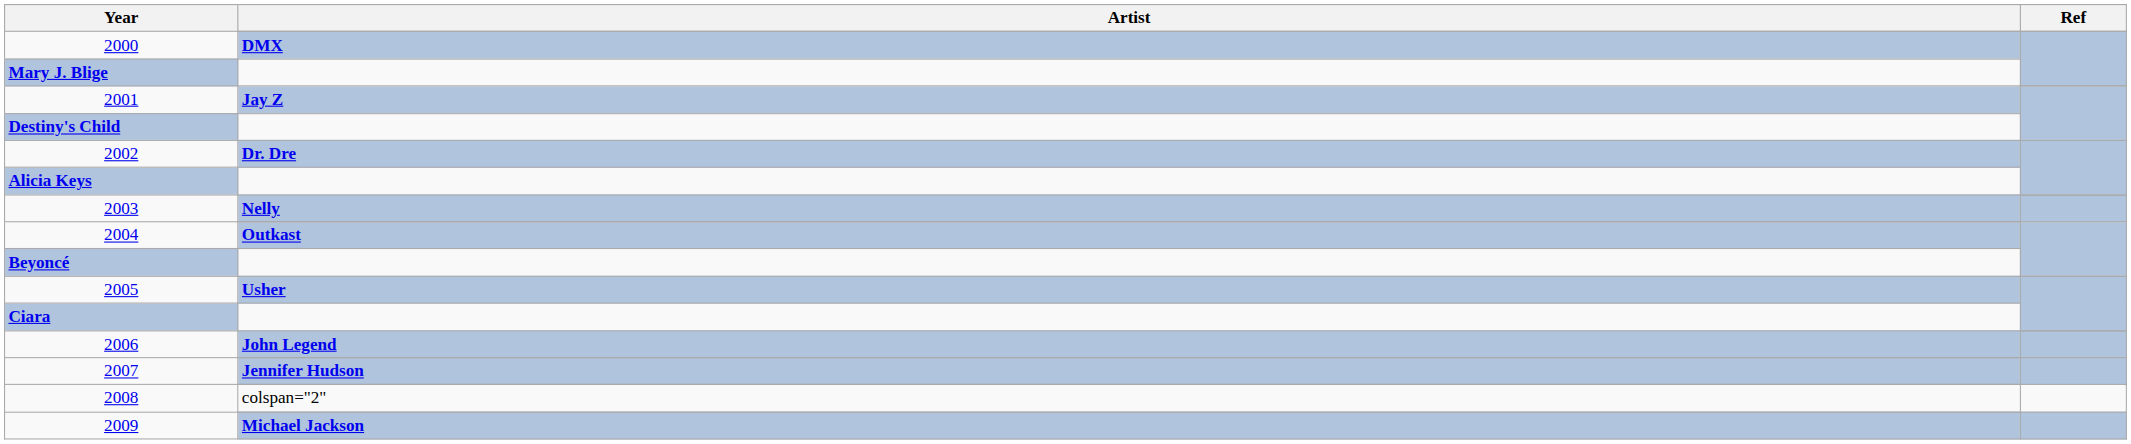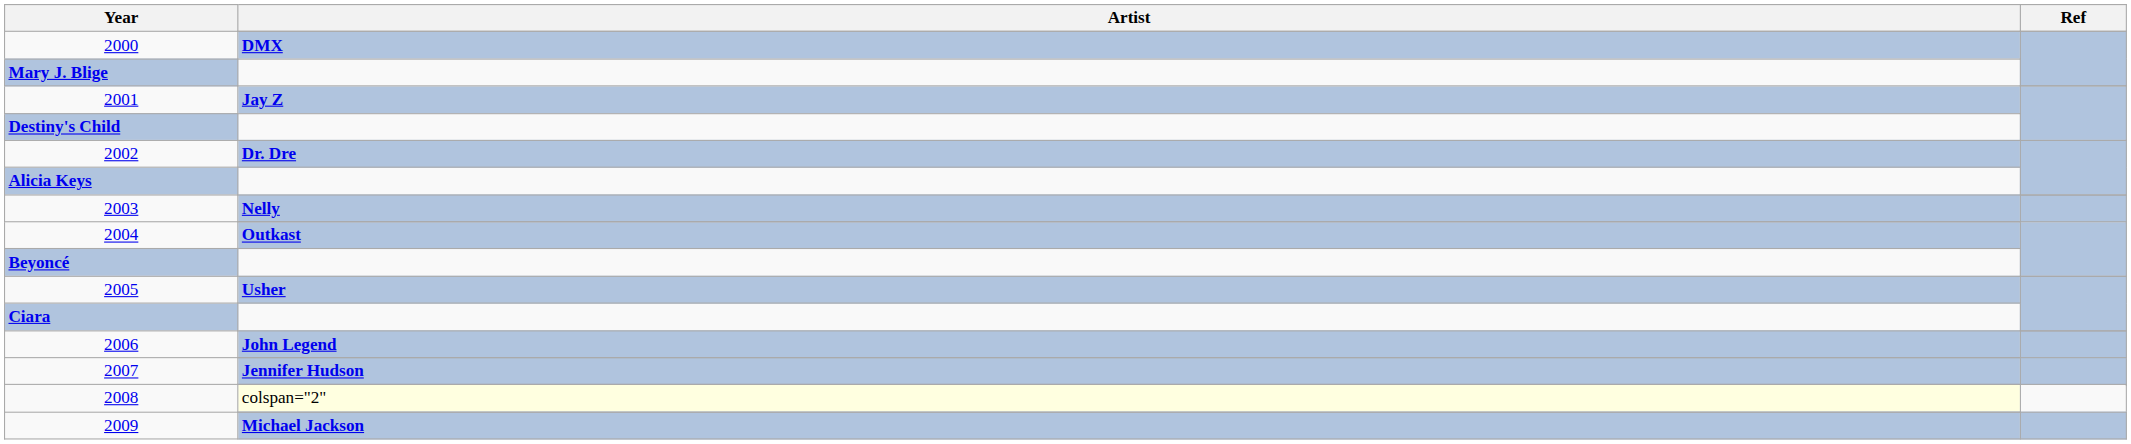 <table class="wikitable" style="width:100%;">
 <tr style="background:#bebebe;">
 <th style="width:11%;">Year</th>
 <th style="width:84%;">Artist</th>
 <th style="width:5%;">Ref</th>
 </tr>
 <tr>
 <td rowspan="3" align="center"><a href='#'>2000</a></td>
 </tr>
 <tr style="background:#B0C4DE">
 <td><strong><a href='#'>DMX</a></strong> </td>
 <td rowspan="3" align="center"></td>
 </tr>
 <tr>
 </tr>
 <tr style="background:#B0C4DE">
 <td><strong><a href='#'>Mary J. Blige</a></strong> </td>
 </tr>
 <tr>
 <td rowspan="3" align="center"><a href='#'>2001</a></td>
 </tr>
 <tr style="background:#B0C4DE">
 <td><strong><a href='#'>Jay Z</a></strong> </td>
 <td rowspan="3" align="center"></td>
 </tr>
 <tr>
 </tr>
 <tr style="background:#B0C4DE">
 <td><strong><a href='#'>Destiny's Child</a></strong> </td>
 </tr>
 <tr>
 <td rowspan="3" align="center"><a href='#'>2002</a></td>
 </tr>
 <tr style="background:#B0C4DE">
 <td><strong><a href='#'>Dr. Dre</a></strong> </td>
 <td rowspan="3" align="center"></td>
 </tr>
 <tr>
 </tr>
 <tr style="background:#B0C4DE">
 <td><strong><a href='#'>Alicia Keys</a></strong> </td>
 </tr>
 <tr>
 <td rowspan="2" align="center"><a href='#'>2003</a></td>
 </tr>
 <tr style="background:#B0C4DE">
 <td><strong><a href='#'>Nelly</a></strong></td>
 <td rowspan="2" align="center"></td>
 </tr>
 <tr>
 <td rowspan="3" align="center"><a href='#'>2004</a></td>
 </tr>
 <tr style="background:#B0C4DE">
 <td><strong><a href='#'>Outkast</a></strong> </td>
 <td rowspan="3" align="center"></td>
 </tr>
 <tr>
 </tr>
 <tr style="background:#B0C4DE">
 <td><strong><a href='#'>Beyoncé</a></strong> </td>
 </tr>
 <tr>
 <td rowspan="3" align="center"><a href='#'>2005</a></td>
 </tr>
 <tr style="background:#B0C4DE">
 <td><strong><a href='#'>Usher</a></strong> </td>
 <td rowspan="3" align="center"></td>
 </tr>
 <tr>
 </tr>
 <tr style="background:#B0C4DE">
 <td><strong><a href='#'>Ciara</a></strong> </td>
 </tr>
 <tr>
 <td rowspan="2" align="center"><a href='#'>2006</a></td>
 </tr>
 <tr style="background:#B0C4DE">
 <td><strong><a href='#'>John Legend</a></strong></td>
 <td rowspan="2" align="center"></td>
 </tr>
 <tr>
 <td rowspan="2" align="center"><a href='#'>2007</a></td>
 </tr>
 <tr style="background:#B0C4DE">
 <td><strong><a href='#'>Jennifer Hudson</a></strong></td>
 <td rowspan="2" align="center"></td>
 </tr>
 <tr>
 <td rowspan="2" align="center"><a href='#'>2008</a></td>
 </tr>
 <tr>
-<td>colspan="2" </td>
+<td style="background: lightyellow;">colspan="2" </td>
 </tr>
 <tr>
 <td rowspan="2" align="center"><a href='#'>2009</a></td>
 </tr>
 <tr style="background:#B0C4DE">
 <td><strong><a href='#'>Michael Jackson</a></strong></td>
 <td rowspan="2" align="center"></td>
 </tr>
 </table>
